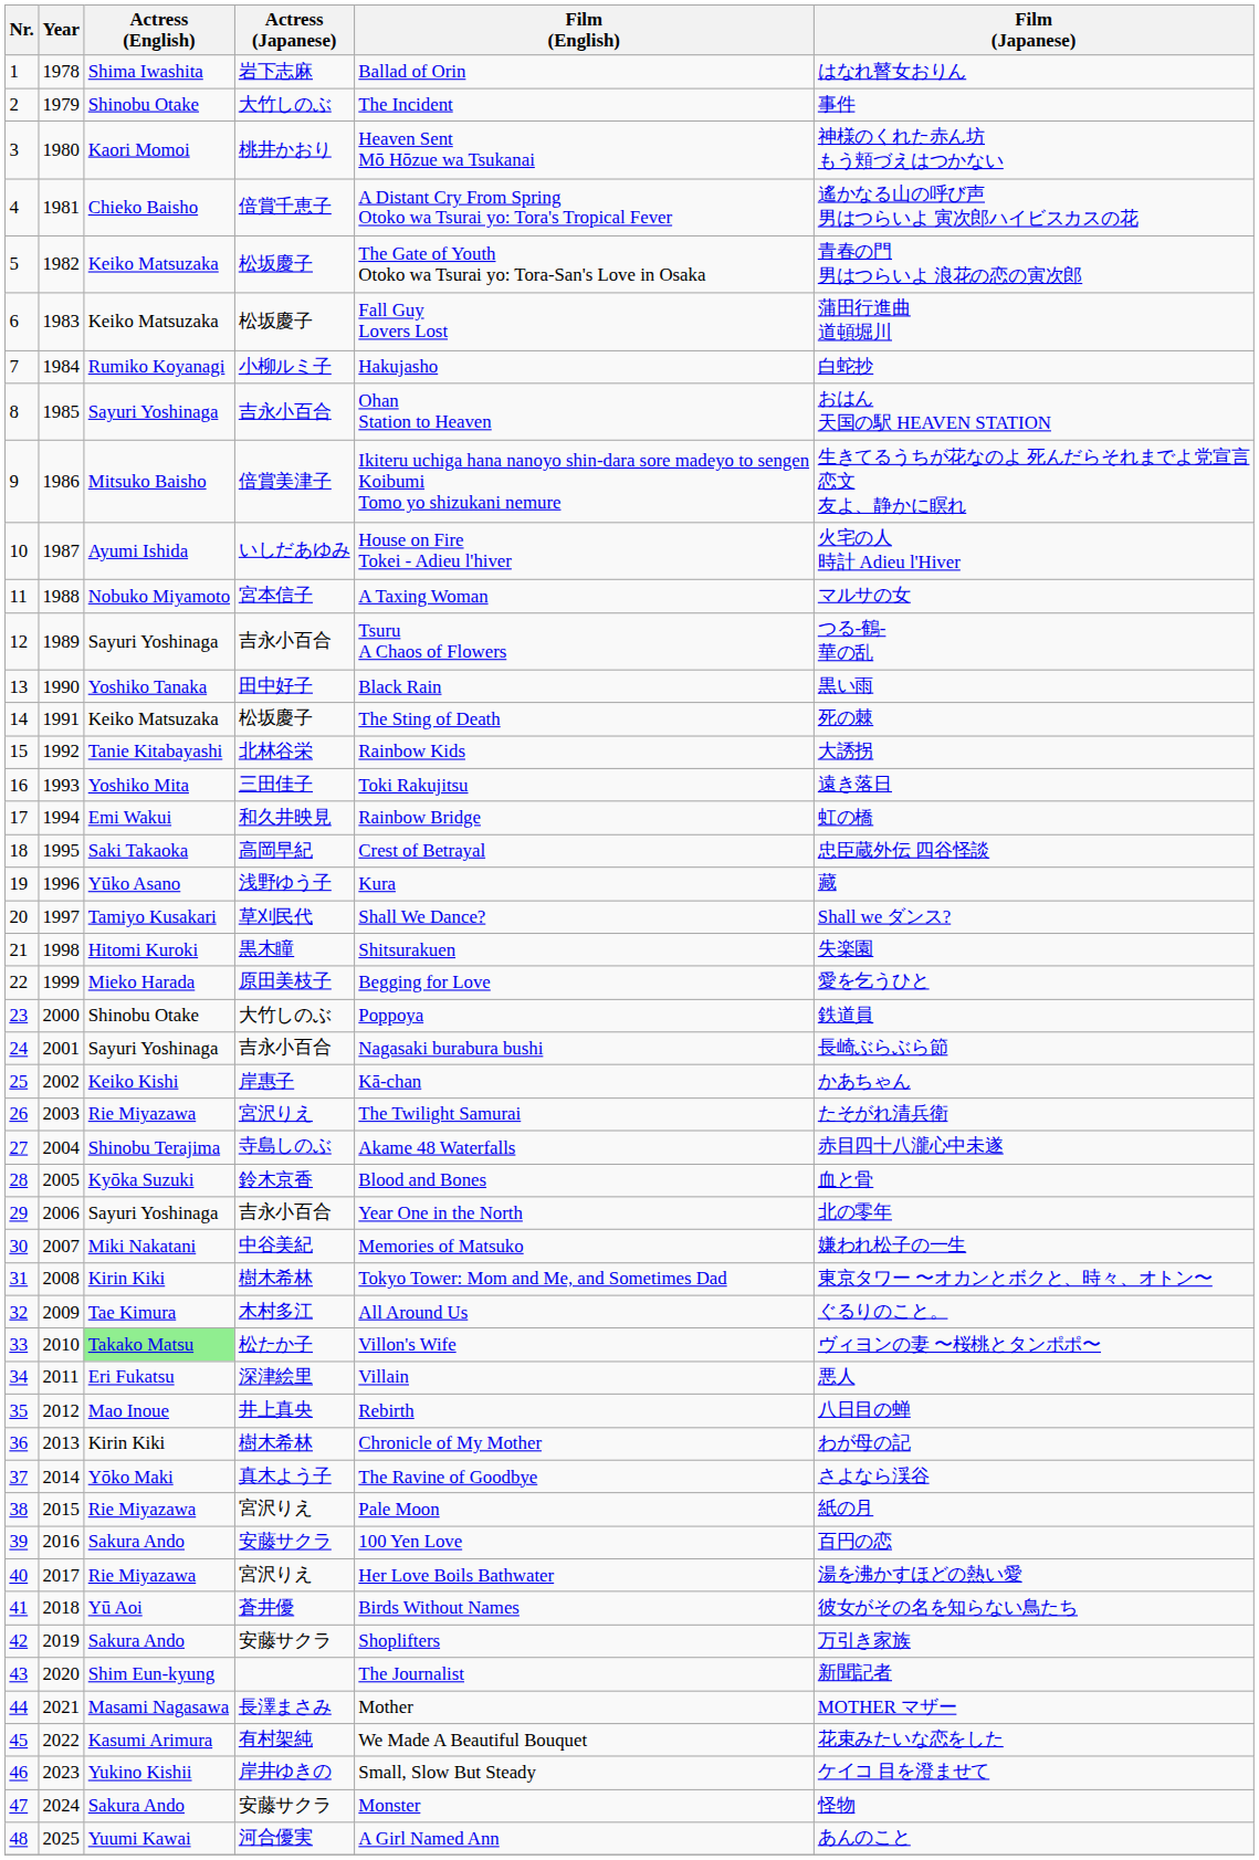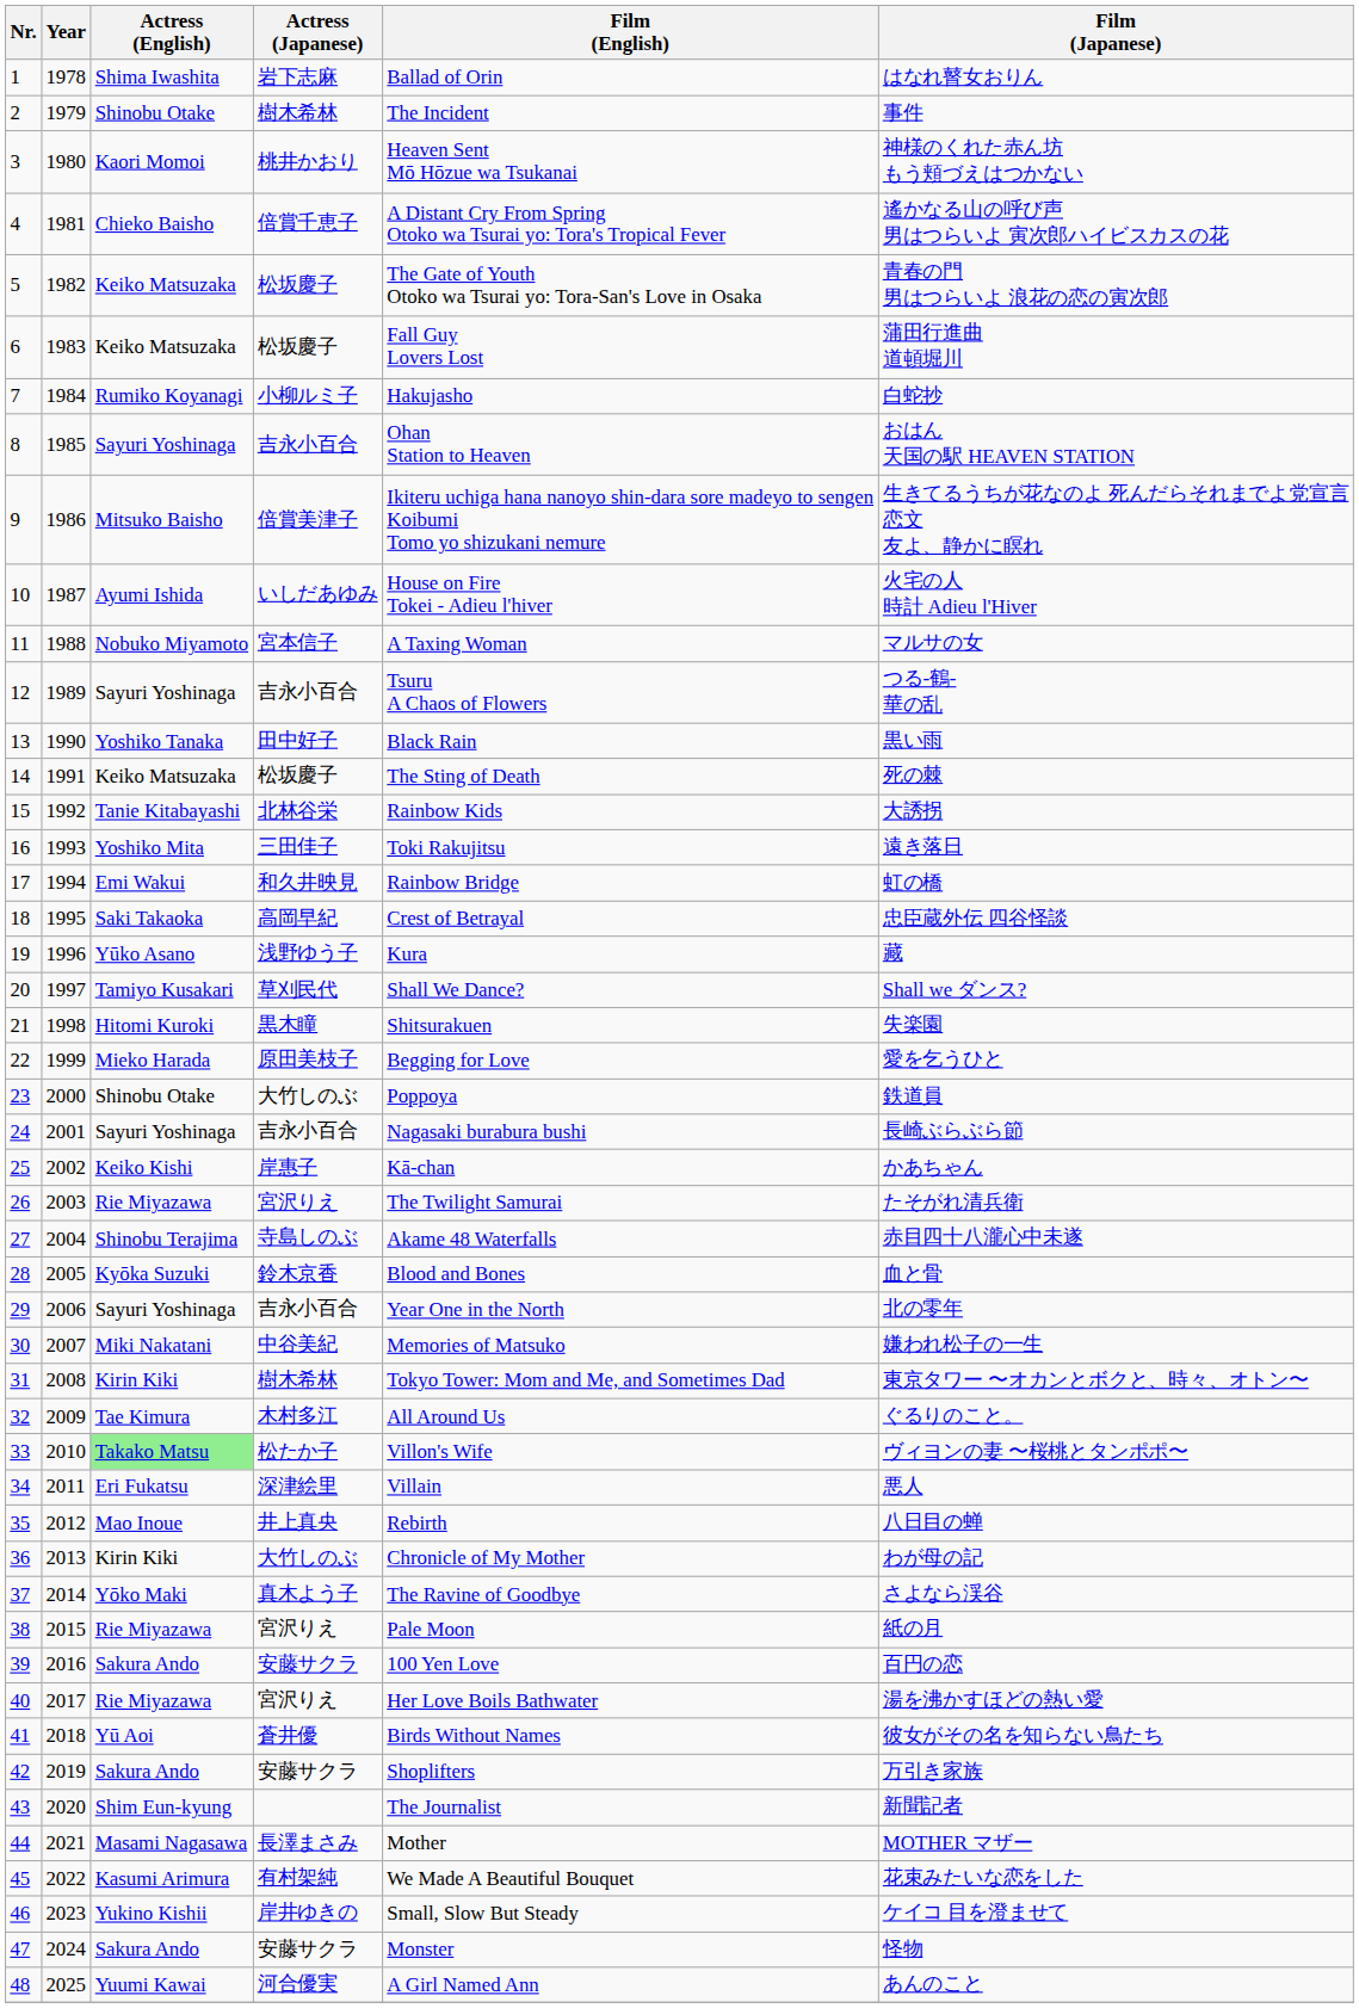 <table class="wikitable">
 <tr>
 <th>Nr.</th>
 <th>Year</th>
 <th>Actress<br>(English)</th>
 <th>Actress<br>(Japanese)</th>
 <th>Film<br>(English)</th>
 <th>Film<br>(Japanese)</th>
 </tr>
 <tr>
 <td>1</td>
 <td>1978</td>
 <td><a href='#'>Shima Iwashita</a></td>
 <td><a href='#'>岩下志麻</a></td>
 <td><a href='#'>Ballad of Orin</a></td>
 <td><a href='#'>はなれ瞽女おりん</a></td>
 </tr>
 <tr>
 <td>2</td>
 <td>1979</td>
 <td><a href='#'>Shinobu Otake</a></td>
-<td><a href='#'>大竹しのぶ</a></td>
+<td><a href='#'>樹木希林</a></td>
 <td><a href='#'>The Incident</a></td>
 <td><a href='#'>事件</a></td>
 </tr>
 <tr>
 <td>3</td>
 <td>1980</td>
 <td><a href='#'>Kaori Momoi</a></td>
 <td><a href='#'>桃井かおり</a></td>
 <td><a href='#'>Heaven Sent</a><br><a href='#'>Mō Hōzue wa Tsukanai</a></td>
 <td><a href='#'>神様のくれた赤ん坊</a><br><a href='#'>もう頬づえはつかない</a></td>
 </tr>
 <tr>
 <td>4</td>
 <td>1981</td>
 <td><a href='#'>Chieko Baisho</a></td>
 <td><a href='#'>倍賞千恵子</a></td>
 <td><a href='#'>A Distant Cry From Spring</a><br><a href='#'>Otoko wa Tsurai yo: Tora's Tropical Fever</a></td>
 <td><a href='#'>遙かなる山の呼び声</a><br><a href='#'>男はつらいよ 寅次郎ハイビスカスの花</a></td>
 </tr>
 <tr>
 <td>5</td>
 <td>1982</td>
 <td><a href='#'>Keiko Matsuzaka</a></td>
 <td><a href='#'>松坂慶子</a></td>
 <td><a href='#'>The Gate of Youth</a><br>Otoko wa Tsurai yo: Tora-San's Love in Osaka</td>
 <td><a href='#'>青春の門</a><br><a href='#'>男はつらいよ 浪花の恋の寅次郎</a></td>
 </tr>
 <tr>
 <td>6</td>
 <td>1983</td>
 <td>Keiko Matsuzaka</td>
 <td>松坂慶子</td>
 <td><a href='#'>Fall Guy</a><br><a href='#'>Lovers Lost</a></td>
 <td><a href='#'>蒲田行進曲</a><br><a href='#'>道頓堀川</a></td>
 </tr>
 <tr>
 <td>7</td>
 <td>1984</td>
 <td><a href='#'>Rumiko Koyanagi</a></td>
 <td><a href='#'>小柳ルミ子</a></td>
 <td><a href='#'>Hakujasho</a></td>
 <td><a href='#'>白蛇抄</a></td>
 </tr>
 <tr>
 <td>8</td>
 <td>1985</td>
 <td><a href='#'>Sayuri Yoshinaga</a></td>
 <td><a href='#'>吉永小百合</a></td>
 <td><a href='#'>Ohan</a><br><a href='#'>Station to Heaven</a></td>
 <td><a href='#'>おはん</a><br><a href='#'>天国の駅 HEAVEN STATION</a></td>
 </tr>
 <tr>
 <td>9</td>
 <td>1986</td>
 <td><a href='#'>Mitsuko Baisho</a></td>
 <td><a href='#'>倍賞美津子</a></td>
 <td><a href='#'>Ikiteru uchiga hana nanoyo shin-dara sore madeyo to sengen</a><br><a href='#'>Koibumi</a><br><a href='#'>Tomo yo shizukani nemure</a></td>
 <td><a href='#'>生きてるうちが花なのよ 死んだらそれまでよ党宣言</a><br><a href='#'>恋文</a><br><a href='#'>友よ、静かに瞑れ</a></td>
 </tr>
 <tr>
 <td>10</td>
 <td>1987</td>
 <td><a href='#'>Ayumi Ishida</a></td>
 <td><a href='#'>いしだあゆみ</a></td>
 <td><a href='#'>House on Fire</a><br><a href='#'>Tokei - Adieu l'hiver</a></td>
 <td><a href='#'>火宅の人</a><br><a href='#'>時計 Adieu l'Hiver</a></td>
 </tr>
 <tr>
 <td>11</td>
 <td>1988</td>
 <td><a href='#'>Nobuko Miyamoto</a></td>
 <td><a href='#'>宮本信子</a></td>
 <td><a href='#'>A Taxing Woman</a></td>
 <td><a href='#'>マルサの女</a></td>
 </tr>
 <tr>
 <td>12</td>
 <td>1989</td>
 <td>Sayuri Yoshinaga</td>
 <td>吉永小百合</td>
 <td><a href='#'>Tsuru</a><br><a href='#'>A Chaos of Flowers</a></td>
 <td><a href='#'>つる-鶴-</a><br><a href='#'>華の乱</a></td>
 </tr>
 <tr>
 <td>13</td>
 <td>1990</td>
 <td><a href='#'>Yoshiko Tanaka</a></td>
 <td><a href='#'>田中好子</a></td>
 <td><a href='#'>Black Rain</a></td>
 <td><a href='#'>黒い雨</a></td>
 </tr>
 <tr>
 <td>14</td>
 <td>1991</td>
 <td>Keiko Matsuzaka</td>
 <td>松坂慶子</td>
 <td><a href='#'>The Sting of Death</a></td>
 <td><a href='#'>死の棘</a></td>
 </tr>
 <tr>
 <td>15</td>
 <td>1992</td>
 <td><a href='#'>Tanie Kitabayashi</a></td>
 <td><a href='#'>北林谷栄</a></td>
 <td><a href='#'>Rainbow Kids</a></td>
 <td><a href='#'>大誘拐</a></td>
 </tr>
 <tr>
 <td>16</td>
 <td>1993</td>
 <td><a href='#'>Yoshiko Mita</a></td>
 <td><a href='#'>三田佳子</a></td>
 <td><a href='#'>Toki Rakujitsu</a></td>
 <td><a href='#'>遠き落日</a></td>
 </tr>
 <tr>
 <td>17</td>
 <td>1994</td>
 <td><a href='#'>Emi Wakui</a></td>
 <td><a href='#'>和久井映見</a></td>
 <td><a href='#'>Rainbow Bridge</a></td>
 <td><a href='#'>虹の橋</a></td>
 </tr>
 <tr>
 <td>18</td>
 <td>1995</td>
 <td><a href='#'>Saki Takaoka</a></td>
 <td><a href='#'>高岡早紀</a></td>
 <td><a href='#'>Crest of Betrayal</a></td>
 <td><a href='#'>忠臣蔵外伝 四谷怪談</a></td>
 </tr>
 <tr>
 <td>19</td>
 <td>1996</td>
 <td><a href='#'>Yūko Asano</a></td>
 <td><a href='#'>浅野ゆう子</a></td>
 <td><a href='#'>Kura</a></td>
 <td><a href='#'>藏</a></td>
 </tr>
 <tr>
 <td>20</td>
 <td>1997</td>
 <td><a href='#'>Tamiyo Kusakari</a></td>
 <td><a href='#'>草刈民代</a></td>
 <td><a href='#'>Shall We Dance?</a></td>
 <td><a href='#'>Shall we ダンス?</a></td>
 </tr>
 <tr>
 <td>21</td>
 <td>1998</td>
 <td><a href='#'>Hitomi Kuroki</a></td>
 <td><a href='#'>黒木瞳</a></td>
 <td><a href='#'>Shitsurakuen</a></td>
 <td><a href='#'>失楽園</a></td>
 </tr>
 <tr>
 <td>22</td>
 <td>1999</td>
 <td><a href='#'>Mieko Harada</a></td>
 <td><a href='#'>原田美枝子</a></td>
 <td><a href='#'>Begging for Love</a></td>
 <td><a href='#'>愛を乞うひと</a></td>
 </tr>
 <tr>
 <td><a href='#'>23</a></td>
 <td>2000</td>
 <td>Shinobu Otake</td>
 <td>大竹しのぶ</td>
 <td><a href='#'>Poppoya</a></td>
 <td><a href='#'>鉄道員</a></td>
 </tr>
 <tr>
 <td><a href='#'>24</a></td>
 <td>2001</td>
 <td>Sayuri Yoshinaga</td>
 <td>吉永小百合</td>
 <td><a href='#'>Nagasaki burabura bushi</a></td>
 <td><a href='#'>長崎ぶらぶら節</a></td>
 </tr>
 <tr>
 <td><a href='#'>25</a></td>
 <td>2002</td>
 <td><a href='#'>Keiko Kishi</a></td>
 <td><a href='#'>岸惠子</a></td>
 <td><a href='#'>Kā-chan</a></td>
 <td><a href='#'>かあちゃん</a></td>
 </tr>
 <tr>
 <td><a href='#'>26</a></td>
 <td>2003</td>
 <td><a href='#'>Rie Miyazawa</a></td>
 <td><a href='#'>宮沢りえ</a></td>
 <td><a href='#'>The Twilight Samurai</a></td>
 <td><a href='#'>たそがれ清兵衛</a></td>
 </tr>
 <tr>
 <td><a href='#'>27</a></td>
 <td>2004</td>
 <td><a href='#'>Shinobu Terajima</a></td>
 <td><a href='#'>寺島しのぶ</a></td>
 <td><a href='#'>Akame 48 Waterfalls</a></td>
 <td><a href='#'>赤目四十八瀧心中未遂</a></td>
 </tr>
 <tr>
 <td><a href='#'>28</a></td>
 <td>2005</td>
 <td><a href='#'>Kyōka Suzuki</a></td>
 <td><a href='#'>鈴木京香</a></td>
 <td><a href='#'>Blood and Bones</a></td>
 <td><a href='#'>血と骨</a></td>
 </tr>
 <tr>
 <td><a href='#'>29</a></td>
 <td>2006</td>
 <td>Sayuri Yoshinaga</td>
 <td>吉永小百合</td>
 <td><a href='#'>Year One in the North</a></td>
 <td><a href='#'>北の零年</a></td>
 </tr>
 <tr>
 <td><a href='#'>30</a></td>
 <td>2007</td>
 <td><a href='#'>Miki Nakatani</a></td>
 <td><a href='#'>中谷美紀</a></td>
 <td><a href='#'>Memories of Matsuko</a></td>
 <td><a href='#'>嫌われ松子の一生</a></td>
 </tr>
 <tr>
 <td><a href='#'>31</a></td>
 <td>2008</td>
 <td><a href='#'>Kirin Kiki</a></td>
 <td><a href='#'>樹木希林</a></td>
 <td><a href='#'>Tokyo Tower: Mom and Me, and Sometimes Dad</a></td>
 <td><a href='#'>東京タワー 〜オカンとボクと、時々、オトン〜</a></td>
 </tr>
 <tr>
 <td><a href='#'>32</a></td>
 <td>2009</td>
 <td><a href='#'>Tae Kimura</a></td>
 <td><a href='#'>木村多江</a></td>
 <td><a href='#'>All Around Us</a></td>
 <td><a href='#'>ぐるりのこと。</a></td>
 </tr>
 <tr>
 <td><a href='#'>33</a></td>
 <td>2010</td>
 <td style="background: lightgreen;"><a href='#'>Takako Matsu</a></td>
 <td><a href='#'>松たか子</a></td>
 <td><a href='#'>Villon's Wife</a></td>
 <td><a href='#'>ヴィヨンの妻 〜桜桃とタンポポ〜</a></td>
 </tr>
 <tr>
 <td><a href='#'>34</a></td>
 <td>2011</td>
 <td><a href='#'>Eri Fukatsu</a></td>
 <td><a href='#'>深津絵里</a></td>
 <td><a href='#'>Villain</a></td>
 <td><a href='#'>悪人</a></td>
 </tr>
 <tr>
 <td><a href='#'>35</a></td>
 <td>2012</td>
 <td><a href='#'>Mao Inoue</a></td>
 <td><a href='#'>井上真央</a></td>
 <td><a href='#'>Rebirth</a></td>
 <td><a href='#'>八日目の蝉</a></td>
 </tr>
 <tr>
 <td><a href='#'>36</a></td>
 <td>2013</td>
 <td>Kirin Kiki</td>
-<td><a href='#'>樹木希林</a></td>
+<td><a href='#'>大竹しのぶ</a></td>
 <td><a href='#'>Chronicle of My Mother</a></td>
 <td><a href='#'>わが母の記</a></td>
 </tr>
 <tr>
 <td><a href='#'>37</a></td>
 <td>2014</td>
 <td><a href='#'>Yōko Maki</a></td>
 <td><a href='#'>真木よう子</a></td>
 <td><a href='#'>The Ravine of Goodbye</a></td>
 <td><a href='#'>さよなら渓谷</a></td>
 </tr>
 <tr>
 <td><a href='#'>38</a></td>
 <td>2015</td>
 <td><a href='#'>Rie Miyazawa</a></td>
 <td>宮沢りえ</td>
 <td><a href='#'>Pale Moon</a></td>
 <td><a href='#'>紙の月</a></td>
 </tr>
 <tr>
 <td><a href='#'>39</a></td>
 <td>2016</td>
 <td><a href='#'>Sakura Ando</a></td>
 <td><a href='#'>安藤サクラ</a></td>
 <td><a href='#'>100 Yen Love</a></td>
 <td><a href='#'>百円の恋</a></td>
 </tr>
 <tr>
 <td><a href='#'>40</a></td>
 <td>2017</td>
 <td><a href='#'>Rie Miyazawa</a></td>
 <td>宮沢りえ</td>
 <td><a href='#'>Her Love Boils Bathwater</a></td>
 <td><a href='#'>湯を沸かすほどの熱い愛</a></td>
 </tr>
 <tr>
 <td><a href='#'>41</a></td>
 <td>2018</td>
 <td><a href='#'>Yū Aoi</a></td>
 <td><a href='#'>蒼井優</a></td>
 <td><a href='#'>Birds Without Names</a></td>
 <td><a href='#'>彼女がその名を知らない鳥たち</a></td>
 </tr>
 <tr>
 <td><a href='#'>42</a></td>
 <td>2019</td>
 <td><a href='#'>Sakura Ando</a></td>
 <td>安藤サクラ</td>
 <td><a href='#'>Shoplifters</a></td>
 <td><a href='#'>万引き家族</a></td>
 </tr>
 <tr>
 <td><a href='#'>43</a></td>
 <td>2020</td>
 <td><a href='#'>Shim Eun-kyung</a></td>
 <td></td>
 <td><a href='#'>The Journalist</a></td>
 <td><a href='#'>新聞記者</a></td>
 </tr>
 <tr>
 <td><a href='#'>44</a></td>
 <td>2021</td>
 <td><a href='#'>Masami Nagasawa</a></td>
 <td><a href='#'>長澤まさみ</a></td>
 <td>Mother</td>
 <td><a href='#'>MOTHER マザー</a></td>
 </tr>
 <tr>
 <td><a href='#'>45</a></td>
 <td>2022</td>
 <td><a href='#'>Kasumi Arimura</a></td>
 <td><a href='#'>有村架純</a></td>
 <td>We Made A Beautiful Bouquet</td>
 <td><a href='#'>花束みたいな恋をした</a></td>
 </tr>
 <tr>
 <td><a href='#'>46</a></td>
 <td>2023</td>
 <td><a href='#'>Yukino Kishii</a></td>
 <td><a href='#'>岸井ゆきの</a></td>
 <td>Small, Slow But Steady</td>
 <td><a href='#'>ケイコ 目を澄ませて</a></td>
 </tr>
 <tr>
 <td><a href='#'>47</a></td>
 <td>2024</td>
 <td><a href='#'>Sakura Ando</a></td>
 <td>安藤サクラ</td>
 <td><a href='#'>Monster</a></td>
 <td><a href='#'>怪物</a></td>
 </tr>
 <tr>
 <td><a href='#'>48</a></td>
 <td>2025</td>
 <td><a href='#'>Yuumi Kawai</a></td>
 <td><a href='#'>河合優実</a></td>
 <td><a href='#'>A Girl Named Ann</a></td>
 <td><a href='#'>あんのこと</a></td>
 </tr>
 <tr>
 </tr>
 </table>
